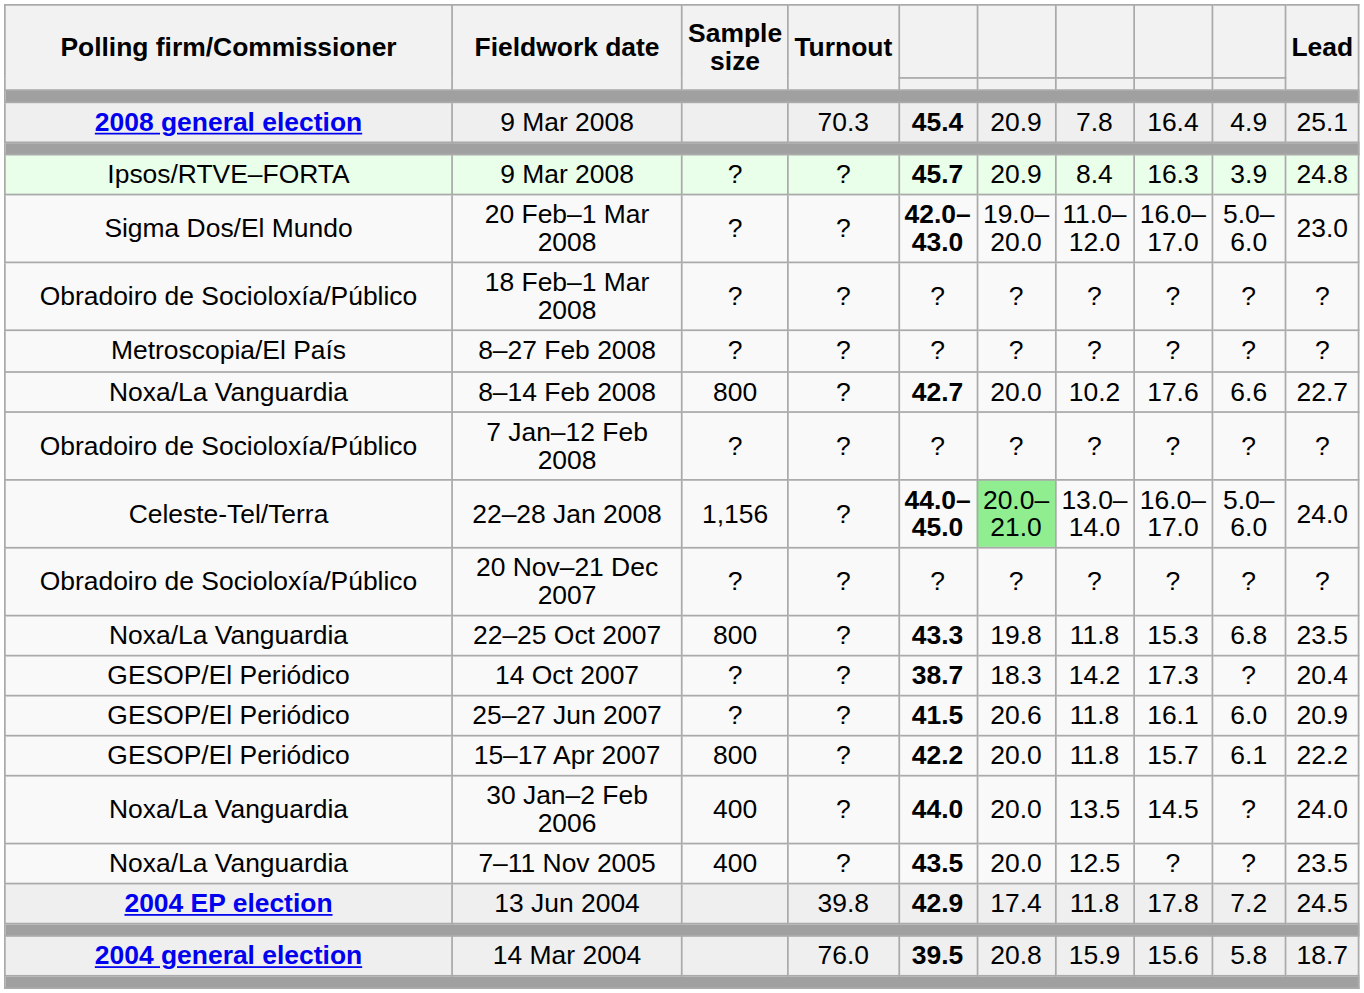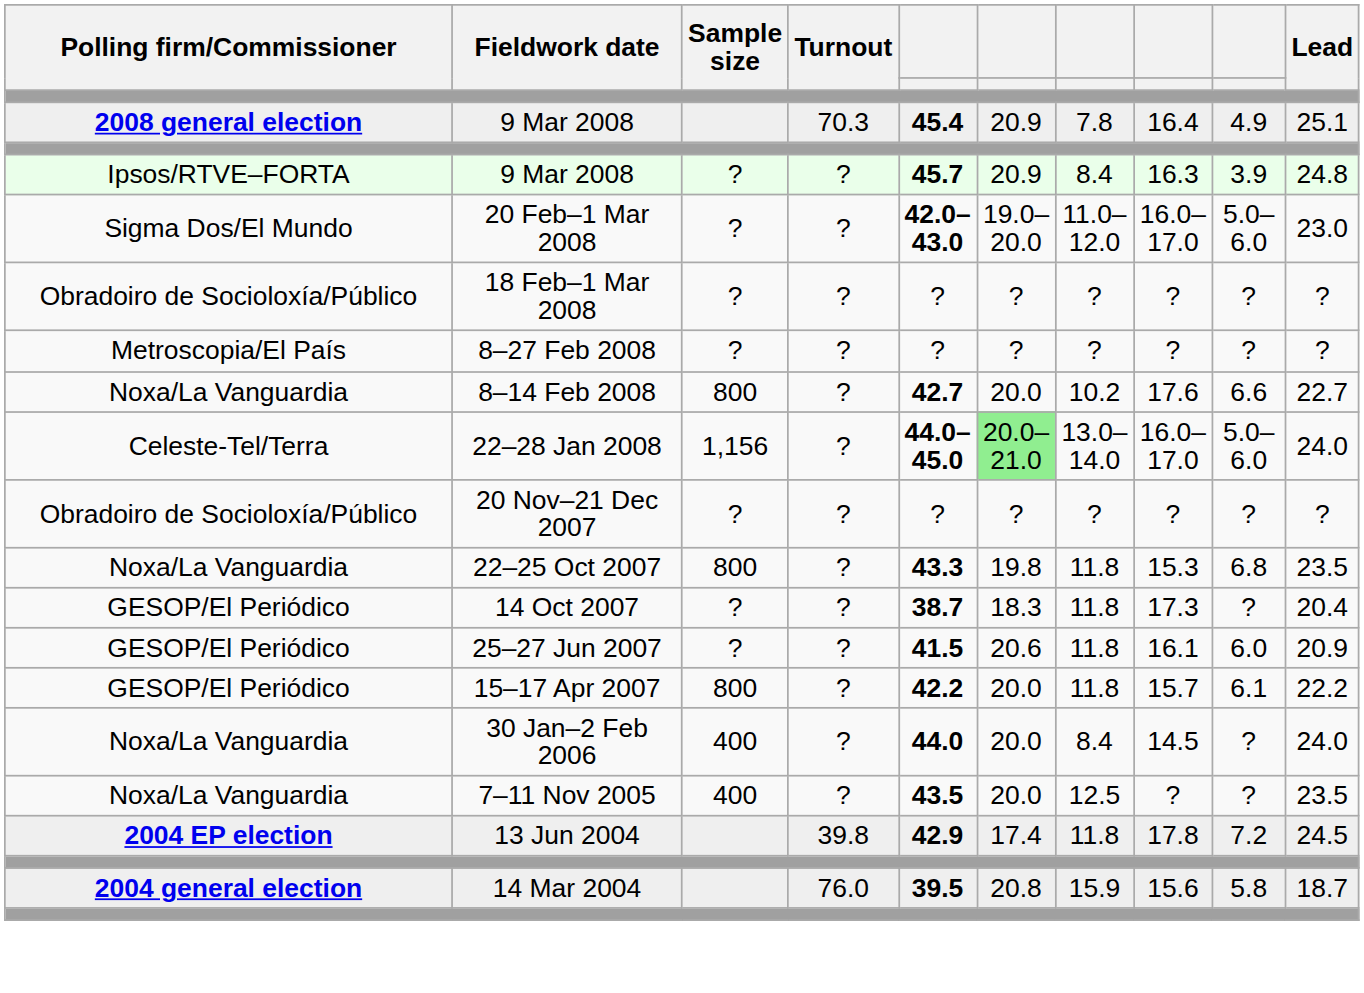 <table class="wikitable collapsible collapsed" style="text-align:center; font-size:95%; line-height:16px;">
 <tr style="height:42px;">
 <th style="width:250px;" rowspan="2">Polling firm/Commissioner</th>
 <th style="width:125px;" rowspan="2">Fieldwork date</th>
 <th style="width:50px;" rowspan="2">Sample size</th>
 <th style="width:45px;" rowspan="2">Turnout</th>
 <th style="width:35px;"></th>
 <th style="width:35px;"></th>
 <th style="width:35px;"></th>
 <th style="width:35px;"></th>
 <th style="width:35px;"></th>
 <th style="width:30px;" rowspan="2">Lead</th>
 </tr>
 <tr>
 <th style="color:inherit;background:"></th>
 <th style="color:inherit;background:"></th>
 <th style="color:inherit;background:"></th>
 <th style="color:inherit;background:"></th>
 <th style="color:inherit;background:"></th>
 </tr>
 <tr>
 <td colspan="10" style="background:#A0A0A0"></td>
 </tr>
 <tr style="background:#EFEFEF;">
 <td><strong><a href='#'>2008 general election</a></strong></td>
 <td>9 Mar 2008</td>
 <td></td>
 <td>70.3</td>
 <td><strong>45.4</strong><br></td>
 <td>20.9<br></td>
 <td>7.8<br></td>
 <td>16.4<br></td>
 <td>4.9<br></td>
 <td style="background:">25.1</td>
 </tr>
 <tr>
 <td colspan="10" style="background:#A0A0A0"></td>
 </tr>
 <tr style="background:#EAFFEA;">
 <td>Ipsos/RTVE–FORTA</td>
 <td>9 Mar 2008</td>
 <td>?</td>
 <td>?</td>
 <td><strong>45.7</strong><br></td>
 <td>20.9<br></td>
 <td>8.4<br></td>
 <td>16.3<br></td>
 <td>3.9<br></td>
 <td style="background:">24.8</td>
 </tr>
 <tr>
 <td>Sigma Dos/El Mundo</td>
 <td>20 Feb–1 Mar 2008</td>
 <td>?</td>
 <td>?</td>
 <td><strong>42.0–<br>43.0</strong><br></td>
 <td>19.0–<br>20.0<br></td>
 <td>11.0–<br>12.0<br></td>
 <td>16.0–<br>17.0<br></td>
 <td>5.0–<br>6.0<br></td>
 <td style="background:">23.0</td>
 </tr>
 <tr>
 <td>Obradoiro de Socioloxía/Público</td>
 <td>18 Feb–1 Mar 2008</td>
 <td>?</td>
 <td>?</td>
 <td>?<br></td>
 <td>?<br></td>
 <td>?<br></td>
 <td>?<br></td>
 <td>?<br></td>
 <td style="background:">?</td>
 </tr>
 <tr>
 <td>Metroscopia/El País</td>
 <td>8–27 Feb 2008</td>
 <td>?</td>
 <td>?</td>
 <td>?<br></td>
 <td>?<br></td>
 <td>?<br></td>
 <td>?<br></td>
 <td>?<br></td>
 <td style="background:">?</td>
 </tr>
 <tr>
 <td>Noxa/La Vanguardia</td>
 <td>8–14 Feb 2008</td>
 <td>800</td>
 <td>?</td>
 <td><strong>42.7</strong><br></td>
 <td>20.0<br></td>
 <td>10.2<br></td>
 <td>17.6<br></td>
 <td>6.6<br></td>
 <td style="background:">22.7</td>
 </tr>
 <tr>
-<td>Obradoiro de Socioloxía/Público</td>
-<td>7 Jan–12 Feb 2008</td>
-<td>?</td>
-<td>?</td>
-<td>?<br></td>
-<td>?<br></td>
-<td>?<br></td>
-<td>?<br></td>
-<td>?<br></td>
-<td style="background:">?</td>
-</tr>
-<tr>
 <td>Celeste-Tel/Terra</td>
 <td>22–28 Jan 2008</td>
 <td>1,156</td>
 <td>?</td>
 <td><strong>44.0–<br>45.0</strong><br></td>
 <td style="background: lightgreen;">20.0–<br>21.0<br></td>
 <td>13.0–<br>14.0<br></td>
 <td>16.0–<br>17.0<br></td>
 <td>5.0–<br>6.0<br></td>
 <td style="background:">24.0</td>
 </tr>
 <tr>
 <td>Obradoiro de Socioloxía/Público</td>
 <td>20 Nov–21 Dec 2007</td>
 <td>?</td>
 <td>?</td>
 <td>?<br></td>
 <td>?<br></td>
 <td>?<br></td>
 <td>?<br></td>
 <td>?<br></td>
 <td style="background:">?</td>
 </tr>
 <tr>
 <td>Noxa/La Vanguardia</td>
 <td>22–25 Oct 2007</td>
 <td>800</td>
 <td>?</td>
 <td><strong>43.3</strong><br></td>
 <td>19.8<br></td>
 <td>11.8<br></td>
 <td>15.3<br></td>
 <td>6.8<br></td>
 <td style="background:">23.5</td>
 </tr>
 <tr>
 <td>GESOP/El Periódico</td>
 <td>14 Oct 2007</td>
 <td>?</td>
 <td>?</td>
 <td><strong>38.7</strong><br></td>
 <td>18.3<br></td>
-<td>14.2<br></td>
+<td>11.8</td>
 <td>17.3<br></td>
 <td>?<br></td>
 <td style="background:">20.4</td>
 </tr>
 <tr>
 <td>GESOP/El Periódico</td>
 <td>25–27 Jun 2007</td>
 <td>?</td>
 <td>?</td>
 <td><strong>41.5</strong></td>
 <td>20.6</td>
 <td>11.8</td>
 <td>16.1</td>
 <td>6.0</td>
 <td style="background:">20.9</td>
 </tr>
 <tr>
 <td>GESOP/El Periódico</td>
 <td>15–17 Apr 2007</td>
 <td>800</td>
 <td>?</td>
 <td><strong>42.2</strong></td>
 <td>20.0</td>
 <td>11.8</td>
 <td>15.7</td>
 <td>6.1</td>
 <td style="background:">22.2</td>
 </tr>
 <tr>
 <td>Noxa/La Vanguardia</td>
 <td>30 Jan–2 Feb 2006</td>
 <td>400</td>
 <td>?</td>
 <td><strong>44.0</strong><br></td>
 <td>20.0<br></td>
-<td>13.5<br></td>
+<td>8.4<br></td>
 <td>14.5<br></td>
 <td>?<br></td>
 <td style="background:">24.0</td>
 </tr>
 <tr>
 <td>Noxa/La Vanguardia</td>
 <td>7–11 Nov 2005</td>
 <td>400</td>
 <td>?</td>
 <td><strong>43.5</strong><br></td>
 <td>20.0<br></td>
 <td>12.5<br></td>
 <td>?<br></td>
 <td>?<br></td>
 <td style="background:">23.5</td>
 </tr>
 <tr style="background:#EFEFEF;">
 <td><strong><a href='#'>2004 EP election</a></strong></td>
 <td>13 Jun 2004</td>
 <td></td>
 <td>39.8</td>
 <td><strong>42.9</strong><br></td>
 <td>17.4<br></td>
 <td>11.8<br></td>
 <td>17.8<br></td>
 <td>7.2<br></td>
 <td style="background:">24.5</td>
 </tr>
 <tr>
 <td colspan="10" style="background:#A0A0A0"></td>
 </tr>
 <tr style="background:#EFEFEF;">
 <td><strong><a href='#'>2004 general election</a></strong></td>
 <td>14 Mar 2004</td>
 <td></td>
 <td>76.0</td>
 <td><strong>39.5</strong><br></td>
 <td>20.8<br></td>
 <td>15.9<br></td>
 <td>15.6<br></td>
 <td>5.8<br></td>
 <td style="background:">18.7</td>
 </tr>
 <tr>
 <td colspan="10" style="background:#A0A0A0"></td>
 </tr>
 </table>
